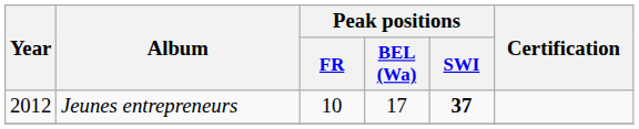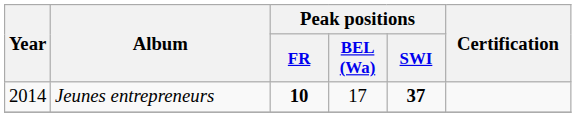 <table class="wikitable">
 <tr>
 <th align="center" rowspan="2" width="10">Year</th>
 <th align="center" rowspan="2" width="180">Album</th>
 <th align="center" colspan="3" width="20">Peak positions</th>
 <th align="center" rowspan="2" width="100">Certification</th>
 </tr>
 <tr>
 <th scope="col" style="width:3em;font-size:90%;"><a href='#'>FR</a><br></th>
 <th scope="col" style="width:3em;font-size:90%;"><a href='#'>BEL <br>(Wa)</a><br></th>
 <th scope="col" style="width:3em;font-size:90%;"><a href='#'>SWI</a><br></th>
 </tr>
 <tr>
-<td style="text-align:center;">2012</td>
+<td style="text-align:center;">2014</td>
 <td><em>Jeunes entrepreneurs</em></td>
-<td style="text-align:center;">10</td>
+<td style="text-align:center;"><strong>10</strong></td>
 <td style="text-align:center;">17</td>
 <td style="text-align:center;"><strong>37</strong></td>
 <td style="text-align:center;"></td>
 </tr>
 <tr>
 </tr>
 </table>
